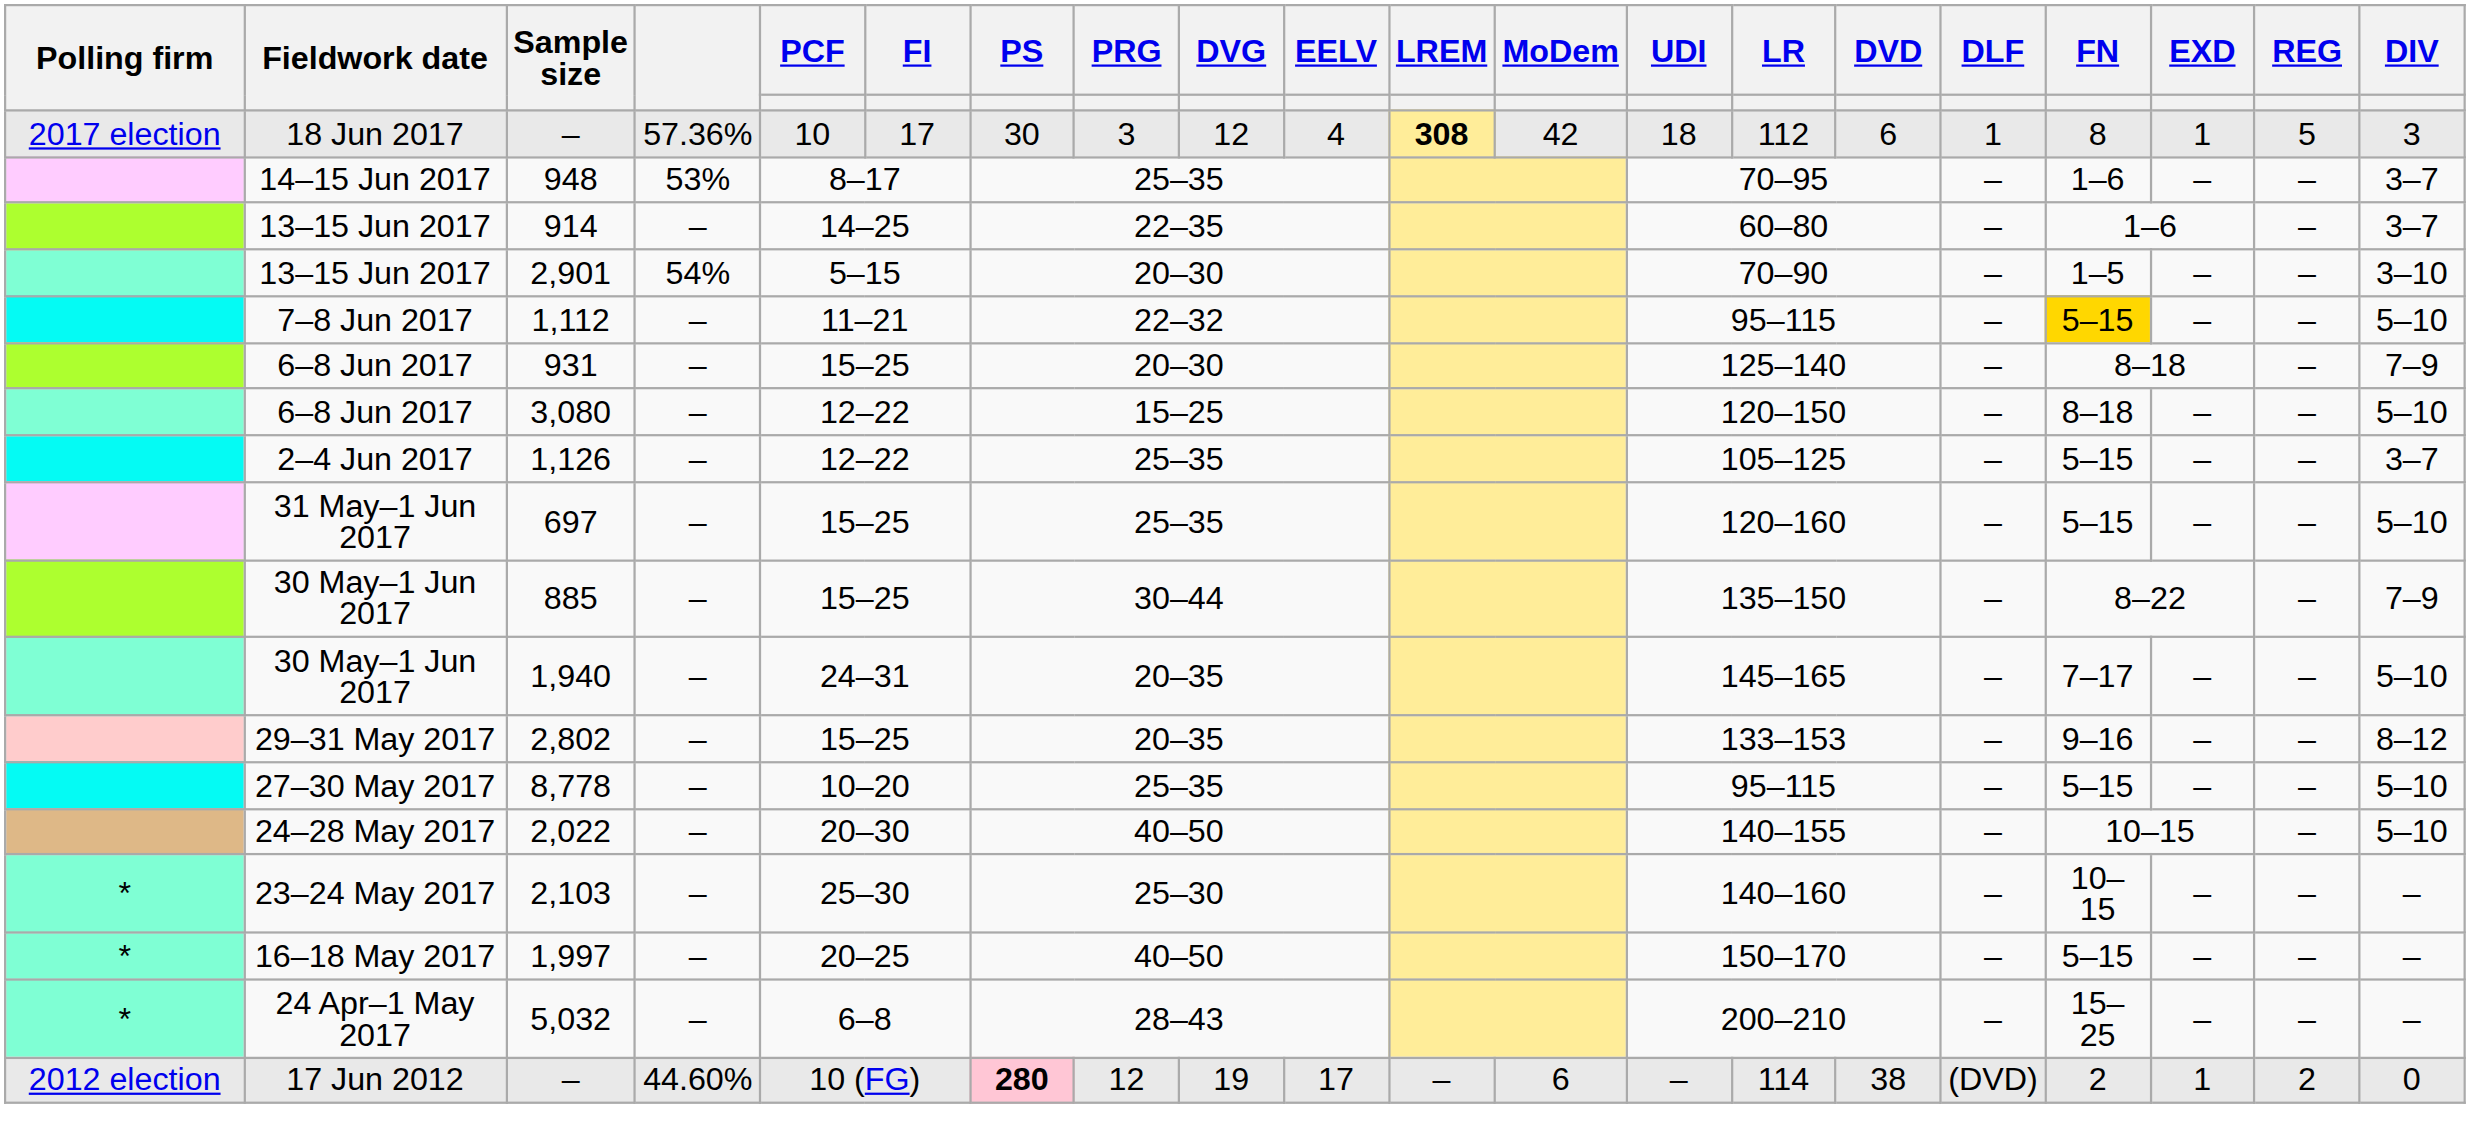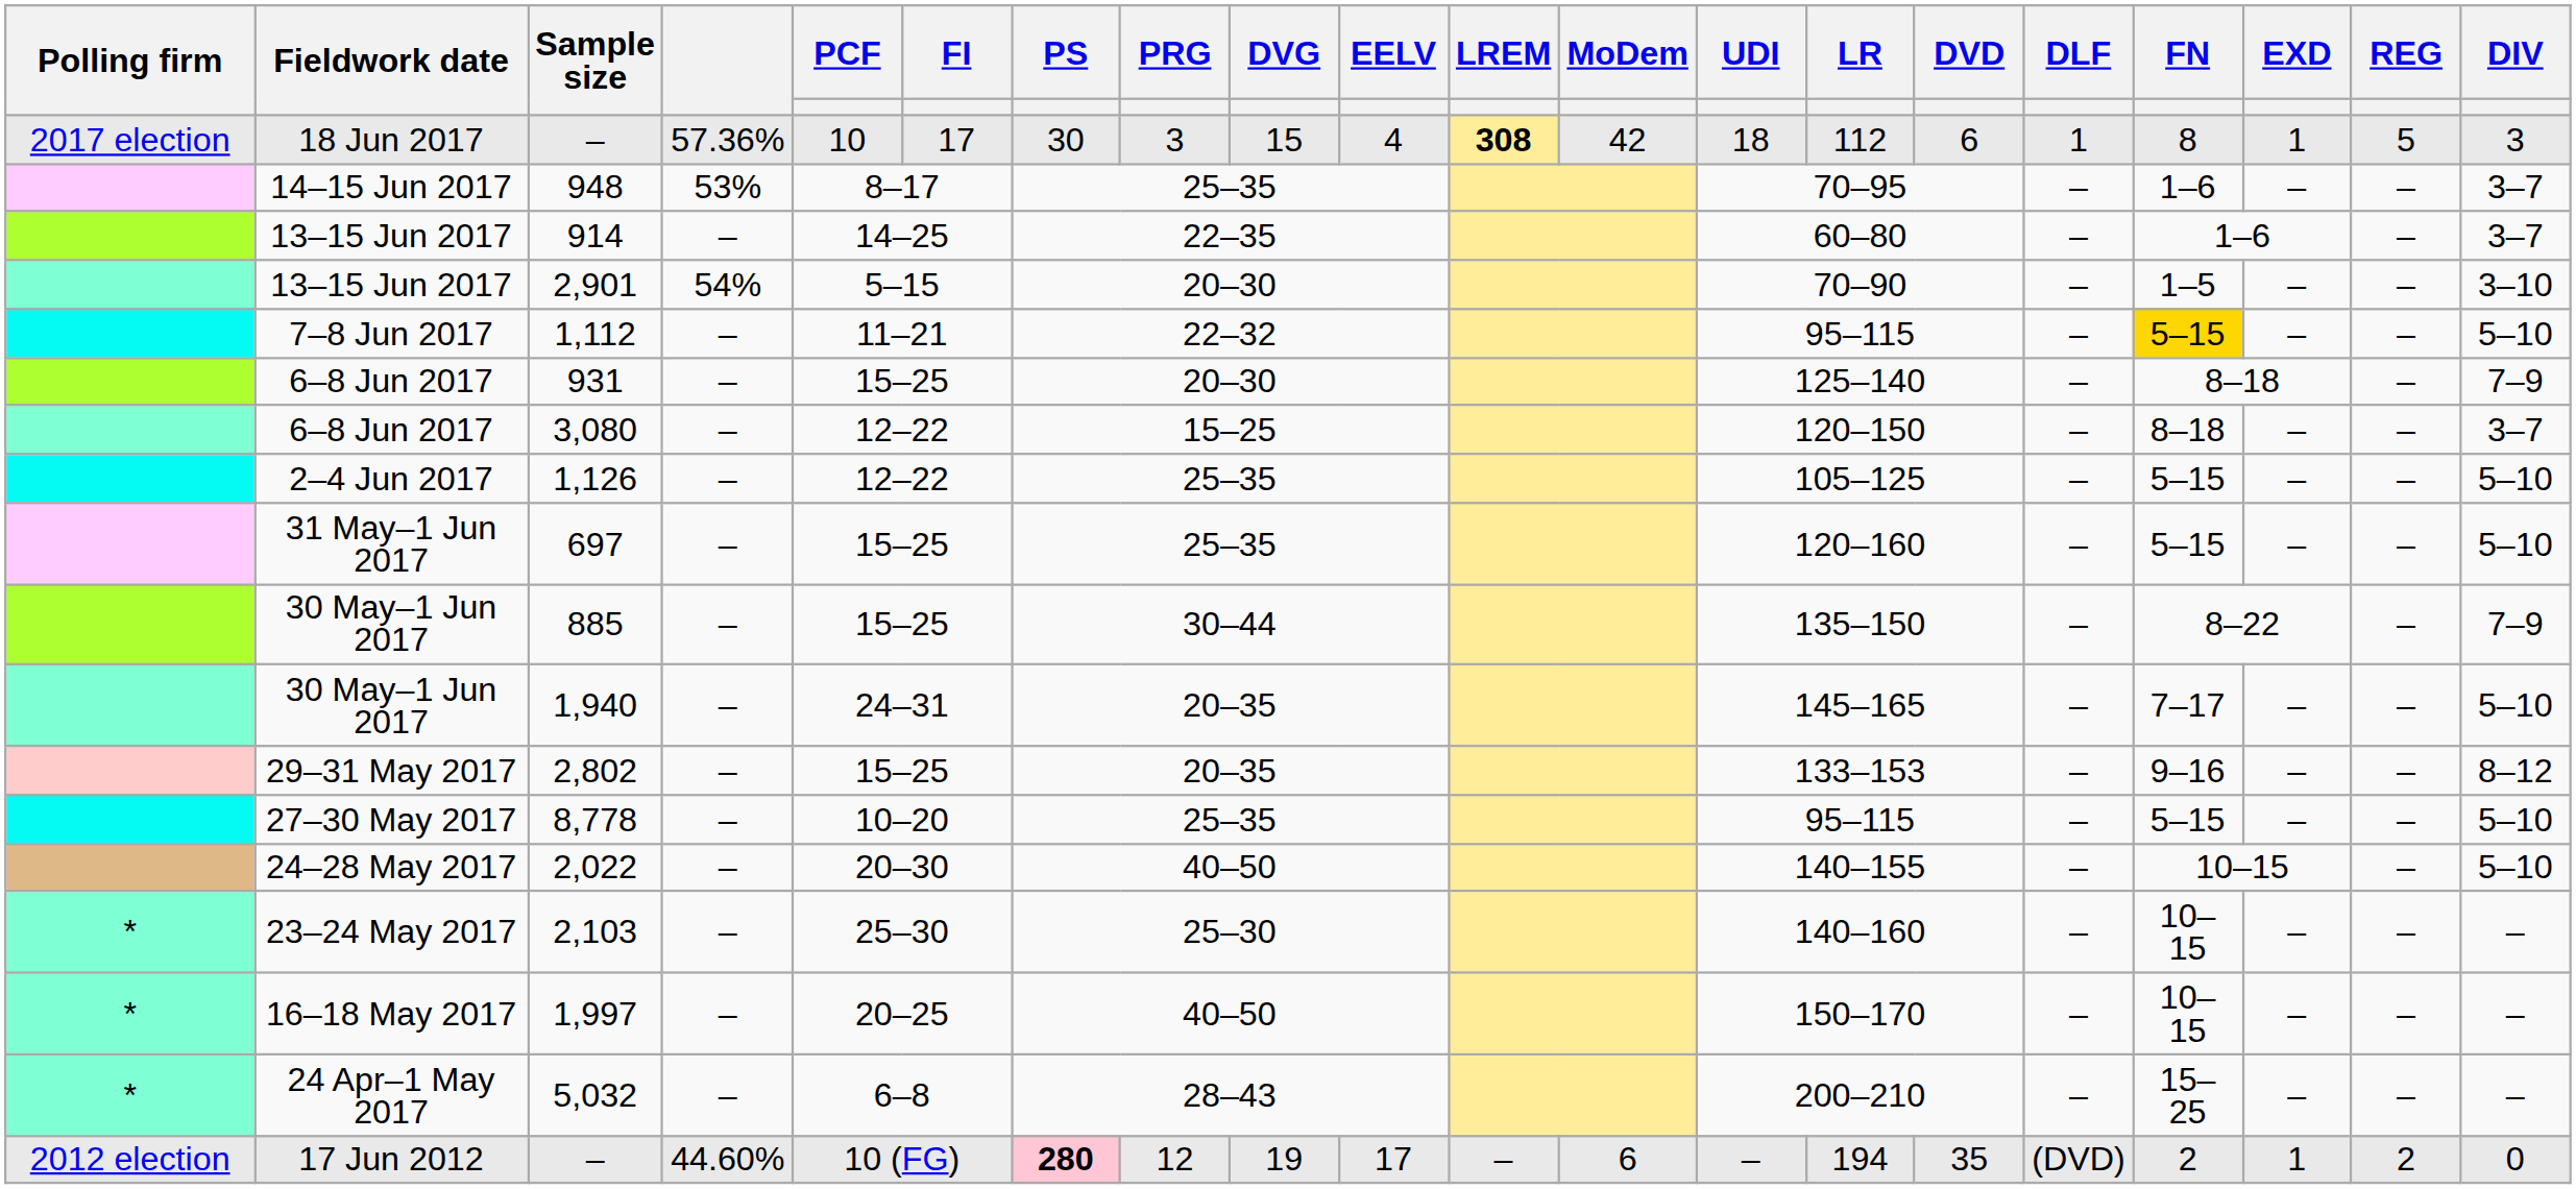 <table class="wikitable sortable" style="text-align:center;font-size:90%;line-height:14px;">
 <tr style="height:40px;">
 <th style="width:100px;" rowspan="2">Polling firm</th>
 <th style="width:110px;" rowspan="2">Fieldwork date</th>
 <th style="width:35px;" rowspan="2">Sample<br>size</th>
 <th style="width:30px;" rowspan="2"></th>
 <th class="unsortable" style="width:40px;"><a href='#'>PCF</a></th>
 <th class="unsortable" style="width:40px;"><a href='#'>FI</a></th>
 <th class="unsortable" style="width:40px;"><a href='#'>PS</a></th>
 <th class="unsortable" style="width:40px;"><a href='#'>PRG</a></th>
 <th class="unsortable" style="width:40px;"><a href='#'>DVG</a></th>
 <th class="unsortable" style="width:40px;"><a href='#'>EELV</a></th>
 <th class="unsortable" style="width:40px;"><a href='#'>LREM</a></th>
 <th class="unsortable" style="width:40px;"><a href='#'>MoDem</a></th>
 <th class="unsortable" style="width:40px;"><a href='#'>UDI</a></th>
 <th class="unsortable" style="width:40px;"><a href='#'>LR</a></th>
 <th class="unsortable" style="width:40px;"><a href='#'>DVD</a></th>
 <th class="unsortable" style="width:40px;"><a href='#'>DLF</a></th>
 <th class="unsortable" style="width:40px;"><a href='#'>FN</a></th>
 <th class="unsortable" style="width:40px;"><a href='#'>EXD</a></th>
 <th class="unsortable" style="width:40px;"><a href='#'>REG</a></th>
 <th class="unsortable" style="width:40px;"><a href='#'>DIV</a></th>
 </tr>
 <tr>
 <th style="background:"></th>
 <th style="background:"></th>
 <th style="background:"></th>
 <th style="background:"></th>
 <th style="background:"></th>
 <th style="background:"></th>
 <th style="background:"></th>
 <th style="background:"></th>
 <th style="background:"></th>
 <th style="background:"></th>
 <th style="background:"></th>
 <th style="background:"></th>
 <th style="background:"></th>
 <th style="background:"></th>
 <th style="background:"></th>
 <th style="background:"></th>
 </tr>
 <tr style="background:#E9E9E9;">
 <td><a href='#'>2017 election</a></td>
 <td data-sort-value="2017-06-18">18 Jun 2017</td>
 <td>–</td>
 <td>57.36%</td>
 <td>10</td>
 <td>17</td>
 <td>30</td>
 <td>3</td>
-<td>12</td>
+<td>15</td>
 <td>4</td>
 <td style="background:#FFED99;"><strong>308</strong></td>
 <td>42</td>
 <td>18</td>
 <td>112</td>
 <td>6</td>
 <td>1</td>
 <td>8</td>
 <td>1</td>
 <td>5</td>
 <td>3</td>
 </tr>
 <tr>
 <td style="background:#FFCCFF;"></td>
 <td data-sort-value="2017-06-15">14–15 Jun 2017</td>
 <td>948</td>
 <td>53%</td>
 <td colspan="2">8–17</td>
 <td colspan="4">25–35</td>
 <td style="background:#FFED99;" colspan="2"></td>
 <td colspan="3">70–95</td>
 <td>–</td>
 <td>1–6</td>
 <td>–</td>
 <td>–</td>
 <td>3–7</td>
 </tr>
 <tr>
 <td style="background:GreenYellow;"></td>
 <td data-sort-value="2017-06-15">13–15 Jun 2017</td>
 <td>914</td>
 <td>–</td>
 <td colspan="2">14–25</td>
 <td colspan="4">22–35</td>
 <td style="background:#FFED99;" colspan="2"></td>
 <td colspan="3">60–80</td>
 <td>–</td>
 <td colspan="2">1–6</td>
 <td>–</td>
 <td>3–7</td>
 </tr>
 <tr>
 <td style="background:aquamarine;"></td>
 <td data-sort-value="2017-06-15">13–15 Jun 2017</td>
 <td>2,901</td>
 <td>54%</td>
 <td colspan="2">5–15</td>
 <td colspan="4">20–30</td>
 <td style="background:#FFED99;" colspan="2"></td>
 <td colspan="3">70–90</td>
 <td>–</td>
 <td>1–5</td>
 <td>–</td>
 <td>–</td>
 <td>3–10</td>
 </tr>
 <tr>
 <td style="background:#04FBF4;"></td>
 <td data-sort-value="2017-06-08">7–8 Jun 2017</td>
 <td>1,112</td>
 <td>–</td>
 <td colspan="2">11–21</td>
 <td colspan="4">22–32</td>
 <td style="background:#FFED99;" colspan="2"></td>
 <td colspan="3">95–115</td>
 <td>–</td>
 <td style="background: gold;">5–15</td>
 <td>–</td>
 <td>–</td>
 <td>5–10</td>
 </tr>
 <tr>
 <td style="background:GreenYellow;"></td>
 <td data-sort-value="2017-06-08">6–8 Jun 2017</td>
 <td>931</td>
 <td>–</td>
 <td colspan="2">15–25</td>
 <td colspan="4">20–30</td>
 <td style="background:#FFED99;" colspan="2"></td>
 <td colspan="3">125–140</td>
 <td>–</td>
 <td colspan="2">8–18</td>
 <td>–</td>
 <td>7–9</td>
 </tr>
 <tr>
 <td style="background:aquamarine;"></td>
 <td data-sort-value="2017-06-08">6–8 Jun 2017</td>
 <td>3,080</td>
 <td>–</td>
 <td colspan="2">12–22</td>
 <td colspan="4">15–25</td>
 <td style="background:#FFED99;" colspan="2"></td>
 <td colspan="3">120–150</td>
 <td>–</td>
 <td>8–18</td>
 <td>–</td>
 <td>–</td>
-<td>5–10</td>
+<td>3–7</td>
 </tr>
 <tr>
 <td style="background:#04FBF4;"></td>
 <td data-sort-value="2017-06-04">2–4 Jun 2017</td>
 <td>1,126</td>
 <td>–</td>
 <td colspan="2">12–22</td>
 <td colspan="4">25–35</td>
 <td style="background:#FFED99;" colspan="2"></td>
 <td colspan="3">105–125</td>
 <td>–</td>
 <td>5–15</td>
 <td>–</td>
 <td>–</td>
-<td>3–7</td>
+<td>5–10</td>
 </tr>
 <tr>
 <td style="background:#FFCCFF;"></td>
 <td data-sort-value="2017-06-01">31 May–1 Jun 2017</td>
 <td>697</td>
 <td>–</td>
 <td colspan="2">15–25</td>
 <td colspan="4">25–35</td>
 <td style="background:#FFED99;" colspan="2"></td>
 <td colspan="3">120–160</td>
 <td>–</td>
 <td>5–15</td>
 <td>–</td>
 <td>–</td>
 <td>5–10</td>
 </tr>
 <tr>
 <td style="background:GreenYellow;"></td>
 <td data-sort-value="2017-06-01">30 May–1 Jun 2017</td>
 <td>885</td>
 <td>–</td>
 <td colspan="2">15–25</td>
 <td colspan="4">30–44</td>
 <td style="background:#FFED99;" colspan="2"></td>
 <td colspan="3">135–150</td>
 <td>–</td>
 <td colspan="2">8–22</td>
 <td>–</td>
 <td>7–9</td>
 </tr>
 <tr>
 <td style="background:aquamarine;"></td>
 <td data-sort-value="2017-06-01">30 May–1 Jun 2017</td>
 <td>1,940</td>
 <td>–</td>
 <td colspan="2">24–31</td>
 <td colspan="4">20–35</td>
 <td style="background:#FFED99;" colspan="2"></td>
 <td colspan="3">145–165</td>
 <td>–</td>
 <td>7–17</td>
 <td>–</td>
 <td>–</td>
 <td>5–10</td>
 </tr>
 <tr>
 <td style="background:#FFCCCC;"></td>
 <td data-sort-value="2017-05-31">29–31 May 2017</td>
 <td>2,802</td>
 <td>–</td>
 <td colspan="2">15–25</td>
 <td colspan="4">20–35</td>
 <td style="background:#FFED99;" colspan="2"></td>
 <td colspan="3">133–153</td>
 <td>–</td>
 <td>9–16</td>
 <td>–</td>
 <td>–</td>
 <td>8–12</td>
 </tr>
 <tr>
 <td style="background:#04FBF4;"></td>
 <td data-sort-value="2017-05-30">27–30 May 2017</td>
 <td>8,778</td>
 <td>–</td>
 <td colspan="2">10–20</td>
 <td colspan="4">25–35</td>
 <td style="background:#FFED99;" colspan="2"></td>
 <td colspan="3">95–115</td>
 <td>–</td>
 <td>5–15</td>
 <td>–</td>
 <td>–</td>
 <td>5–10</td>
 </tr>
 <tr>
 <td style="background:burlywood;"></td>
 <td data-sort-value="2017-05-28">24–28 May 2017</td>
 <td>2,022</td>
 <td>–</td>
 <td colspan="2">20–30</td>
 <td colspan="4">40–50</td>
 <td style="background:#FFED99;" colspan="2"></td>
 <td colspan="3">140–155</td>
 <td>–</td>
 <td colspan="2">10–15</td>
 <td>–</td>
 <td>5–10</td>
 </tr>
 <tr>
 <td style="background:aquamarine;">*</td>
 <td data-sort-value="2017-05-24">23–24 May 2017</td>
 <td>2,103</td>
 <td>–</td>
 <td colspan="2">25–30</td>
 <td colspan="4">25–30</td>
 <td style="background:#FFED99;" colspan="2"></td>
 <td colspan="3">140–160</td>
 <td>–</td>
 <td>10–15</td>
 <td>–</td>
 <td>–</td>
 <td>–</td>
 </tr>
 <tr>
 <td style="background:aquamarine;">*</td>
 <td data-sort-value="2017-05-18">16–18 May 2017</td>
 <td>1,997</td>
 <td>–</td>
 <td colspan="2">20–25</td>
 <td colspan="4">40–50</td>
 <td style="background:#FFED99;" colspan="2"></td>
 <td colspan="3">150–170</td>
 <td>–</td>
-<td>5–15</td>
+<td>10–15</td>
 <td>–</td>
 <td>–</td>
 <td>–</td>
 </tr>
 <tr>
 <td style="background:aquamarine;">*</td>
 <td data-sort-value="2017-05-01">24 Apr–1 May 2017</td>
 <td>5,032</td>
 <td>–</td>
 <td colspan="2">6–8</td>
 <td colspan="4">28–43</td>
 <td style="background:#FFED99;" colspan="2"></td>
 <td colspan="3">200–210</td>
 <td>–</td>
 <td>15–25</td>
 <td>–</td>
 <td>–</td>
 <td>–</td>
 </tr>
 <tr style="background:#E9E9E9;">
 <td><a href='#'>2012 election</a></td>
 <td data-sort-value="2012-06-17">17 Jun 2012</td>
 <td>–</td>
 <td>44.60%</td>
 <td colspan="2">10 (<a href='#'>FG</a>)</td>
 <td style="background:#FFC6D5;"><strong>280</strong></td>
 <td>12</td>
 <td>19</td>
 <td>17</td>
 <td>–</td>
 <td>6</td>
 <td>–</td>
-<td>114</td>
-<td>38</td>
+<td>194</td>
+<td>35</td>
 <td>(DVD)</td>
 <td>2</td>
 <td>1</td>
 <td>2</td>
 <td>0</td>
 </tr>
 </table>
